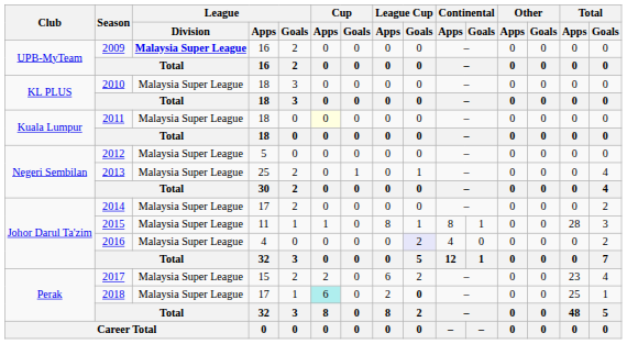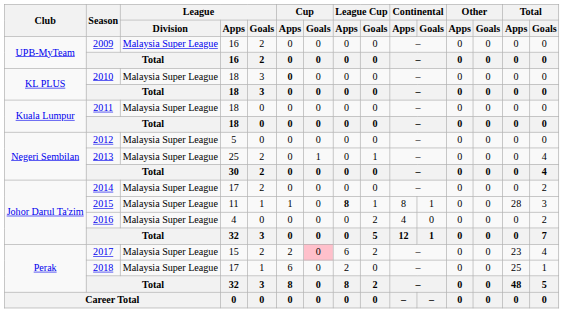 <table class=wikitable style="text-align:center">
 <tr>
 <th rowspan=2>Club</th>
 <th rowspan=2>Season</th>
 <th colspan=3>League</th>
 <th colspan=2>Cup</th>
 <th colspan=2>League Cup</th>
 <th colspan=2>Continental</th>
 <th colspan=2>Other</th>
 <th colspan=2>Total</th>
 </tr>
 <tr>
 <th>Division</th>
 <th>Apps</th>
 <th>Goals</th>
 <th>Apps</th>
 <th>Goals</th>
 <th>Apps</th>
 <th>Goals</th>
 <th>Apps</th>
 <th>Goals</th>
 <th>Apps</th>
 <th>Goals</th>
 <th>Apps</th>
 <th>Goals</th>
 </tr>
 <tr>
 <td rowspan=2><a href='#'>UPB-MyTeam</a></td>
 <td><a href='#'>2009</a></td>
-<td><strong><a href='#'>Malaysia Super League</a></strong></td>
+<td><a href='#'>Malaysia Super League</a></td>
 <td>16</td>
 <td>2</td>
 <td>0</td>
 <td>0</td>
 <td>0</td>
 <td>0</td>
 <td colspan=2>–</td>
 <td>0</td>
 <td>0</td>
 <td>0</td>
 <td>0</td>
 </tr>
 <tr>
 <th colspan="2">Total</th>
 <th>16</th>
 <th>2</th>
 <th>0</th>
 <th>0</th>
 <th>0</th>
 <th>0</th>
 <th colspan=2>–</th>
 <th>0</th>
 <th>0</th>
 <th>0</th>
 <th>0</th>
 </tr>
 <tr>
 <td rowspan=2><a href='#'>KL PLUS</a></td>
 <td><a href='#'>2010</a></td>
 <td>Malaysia Super League</td>
 <td>18</td>
 <td>3</td>
-<td>0</td>
+<td><strong>0</strong></td>
 <td>0</td>
 <td>0</td>
 <td>0</td>
 <td colspan=2>–</td>
 <td>0</td>
 <td>0</td>
 <td>0</td>
 <td>0</td>
 </tr>
 <tr>
 <th colspan="2">Total</th>
 <th>18</th>
 <th>3</th>
 <th>0</th>
 <th>0</th>
 <th>0</th>
 <th>0</th>
 <th colspan=2>–</th>
 <th>0</th>
 <th>0</th>
 <th>0</th>
 <th>0</th>
 </tr>
 <tr>
 <td rowspan=2><a href='#'>Kuala Lumpur</a></td>
 <td><a href='#'>2011</a></td>
 <td>Malaysia Super League</td>
 <td>18</td>
 <td>0</td>
-<td style="background: lightyellow;">0</td>
+<td>0</td>
 <td>0</td>
 <td>0</td>
 <td>0</td>
 <td colspan=2>–</td>
 <td>0</td>
 <td>0</td>
 <td>0</td>
 <td>0</td>
 </tr>
 <tr>
 <th colspan="2">Total</th>
 <th>18</th>
 <th>0</th>
 <th>0</th>
 <th>0</th>
 <th>0</th>
 <th>0</th>
 <th colspan=2>–</th>
 <th>0</th>
 <th>0</th>
 <th>0</th>
 <th>0</th>
 </tr>
 <tr>
 <td rowspan=3><a href='#'>Negeri Sembilan</a></td>
 <td><a href='#'>2012</a></td>
 <td>Malaysia Super League</td>
 <td>5</td>
 <td>0</td>
 <td>0</td>
 <td>0</td>
 <td>0</td>
 <td>0</td>
 <td colspan=2>–</td>
 <td>0</td>
 <td>0</td>
 <td>0</td>
 <td>0</td>
 </tr>
 <tr>
 <td><a href='#'>2013</a></td>
 <td>Malaysia Super League</td>
 <td>25</td>
 <td>2</td>
 <td>0</td>
 <td>1</td>
 <td>0</td>
 <td>1</td>
 <td colspan=2>–</td>
 <td>0</td>
 <td>0</td>
 <td>0</td>
 <td>4</td>
 </tr>
 <tr>
 <th colspan="2">Total</th>
 <th>30</th>
 <th>2</th>
 <th>0</th>
 <th>0</th>
 <th>0</th>
 <th>0</th>
 <th colspan=2>–</th>
 <th>0</th>
 <th>0</th>
 <th>0</th>
 <th>4</th>
 </tr>
 <tr>
 <td rowspan=4><a href='#'>Johor Darul Ta'zim</a></td>
 <td><a href='#'>2014</a></td>
 <td>Malaysia Super League</td>
 <td>17</td>
 <td>2</td>
 <td>0</td>
 <td>0</td>
 <td>0</td>
 <td>0</td>
 <td colspan=2>–</td>
 <td>0</td>
 <td>0</td>
 <td>0</td>
 <td>2</td>
 </tr>
 <tr>
 <td><a href='#'>2015</a></td>
 <td>Malaysia Super League</td>
 <td>11</td>
 <td>1</td>
 <td>1</td>
 <td>0</td>
-<td>8</td>
+<td><strong>8</strong></td>
 <td>1</td>
 <td>8</td>
 <td>1</td>
 <td>0</td>
 <td>0</td>
 <td>28</td>
 <td>3</td>
 </tr>
 <tr>
 <td><a href='#'>2016</a></td>
 <td>Malaysia Super League</td>
 <td>4</td>
 <td>0</td>
 <td>0</td>
 <td>0</td>
 <td>0</td>
-<td style="background: lavender;">2</td>
+<td>2</td>
 <td>4</td>
 <td>0</td>
 <td>0</td>
 <td>0</td>
 <td>0</td>
 <td>2</td>
 </tr>
 <tr>
 <th colspan="2">Total</th>
 <th>32</th>
 <th>3</th>
 <th>0</th>
 <th>0</th>
 <th>0</th>
 <th>5</th>
 <th>12</th>
 <th>1</th>
 <th>0</th>
 <th>0</th>
 <th>0</th>
 <th>7</th>
 </tr>
 <tr>
 <td rowspan=3><a href='#'>Perak</a></td>
 <td><a href='#'>2017</a></td>
 <td>Malaysia Super League</td>
 <td>15</td>
 <td>2</td>
 <td>2</td>
-<td>0</td>
+<td style="background: pink;">0</td>
 <td>6</td>
 <td>2</td>
 <td colspan=2>–</td>
 <td>0</td>
 <td>0</td>
 <td>23</td>
 <td>4</td>
 </tr>
 <tr>
 <td><a href='#'>2018</a></td>
 <td>Malaysia Super League</td>
 <td>17</td>
 <td>1</td>
-<td style="background: paleturquoise;">6</td>
+<td>6</td>
 <td>0</td>
 <td>2</td>
-<td><strong>0</strong></td>
+<td>0</td>
 <td colspan=2>–</td>
 <td>0</td>
 <td>0</td>
 <td>25</td>
 <td>1</td>
 </tr>
 <tr>
 <th colspan="2">Total</th>
 <th>32</th>
 <th>3</th>
 <th>8</th>
 <th>0</th>
 <th>8</th>
 <th>2</th>
 <th colspan=2>–</th>
 <th>0</th>
 <th>0</th>
 <th>48</th>
 <th>5</th>
 </tr>
 <tr>
 <th colspan="3">Career Total</th>
 <th>0</th>
 <th>0</th>
 <th>0</th>
 <th>0</th>
 <th>0</th>
 <th>0</th>
 <th>–</th>
 <th>–</th>
 <th>0</th>
 <th>0</th>
 <th>0</th>
 <th>0</th>
 </tr>
 </table>
